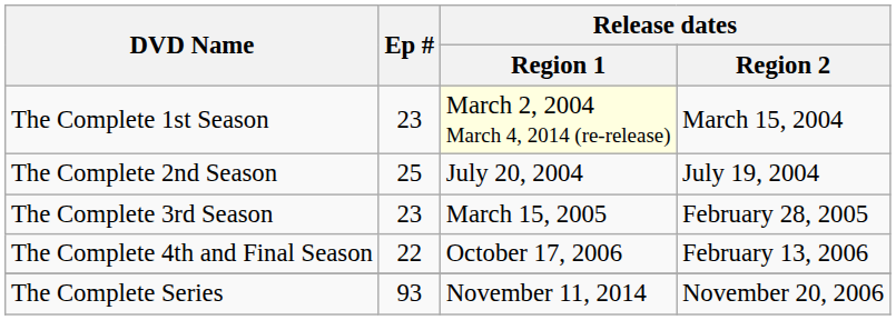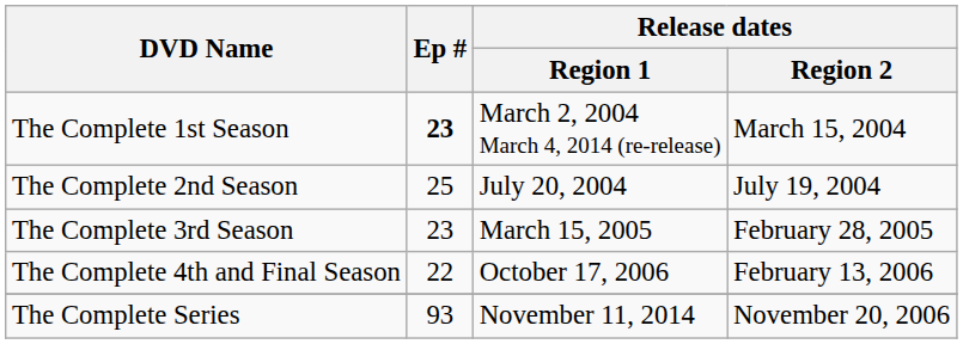 <table class="wikitable">
 <tr>
 <th rowspan="2">DVD Name</th>
 <th rowspan="2">Ep #</th>
 <th colspan="2">Release dates</th>
 </tr>
 <tr>
 <th>Region 1</th>
 <th>Region 2</th>
 </tr>
 <tr>
 <td>The Complete 1st Season</td>
-<td align="center">23</td>
-<td style="background: lightyellow;">March 2, 2004<br><small>March 4, 2014 (re-release)</small></td>
+<td align="center"><strong>23</strong></td>
+<td>March 2, 2004<br><small>March 4, 2014 (re-release)</small></td>
 <td>March 15, 2004</td>
 </tr>
 <tr>
 <td>The Complete 2nd Season</td>
 <td align="center">25</td>
 <td>July 20, 2004</td>
 <td>July 19, 2004</td>
 </tr>
 <tr>
 <td>The Complete 3rd Season</td>
 <td align="center">23</td>
 <td>March 15, 2005</td>
 <td>February 28, 2005</td>
 </tr>
 <tr>
 <td>The Complete 4th and Final Season</td>
 <td align="center">22</td>
 <td>October 17, 2006</td>
 <td>February 13, 2006</td>
 </tr>
 <tr>
 </tr>
 <tr>
 <td>The Complete Series</td>
 <td align="center">93</td>
 <td>November 11, 2014</td>
 <td>November 20, 2006</td>
 </tr>
 </table>
